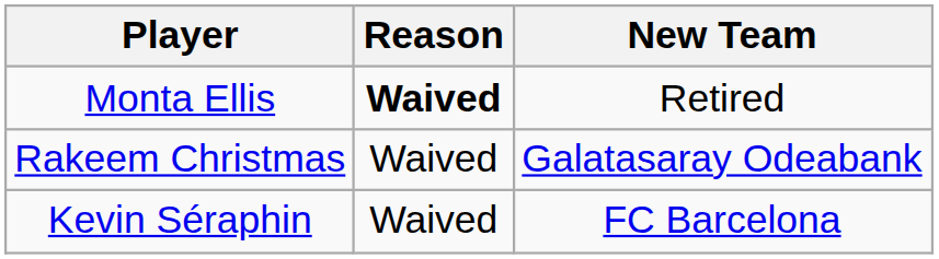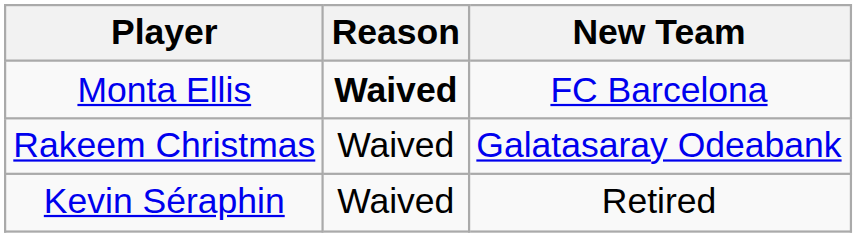 <table class="wikitable sortable sortable" style="text-align: center">
 <tr>
 <th>Player</th>
 <th>Reason</th>
 <th>New Team</th>
 </tr>
 <tr>
 <td><a href='#'>Monta Ellis</a></td>
 <td><strong>Waived</strong></td>
-<td>Retired</td>
+<td> <a href='#'>FC Barcelona</a></td>
 </tr>
 <tr>
 <td><a href='#'>Rakeem Christmas</a></td>
 <td>Waived</td>
 <td> <a href='#'>Galatasaray Odeabank</a></td>
 </tr>
 <tr>
 <td><a href='#'>Kevin Séraphin</a></td>
 <td>Waived</td>
-<td> <a href='#'>FC Barcelona</a></td>
+<td>Retired</td>
 </tr>
 </table>
